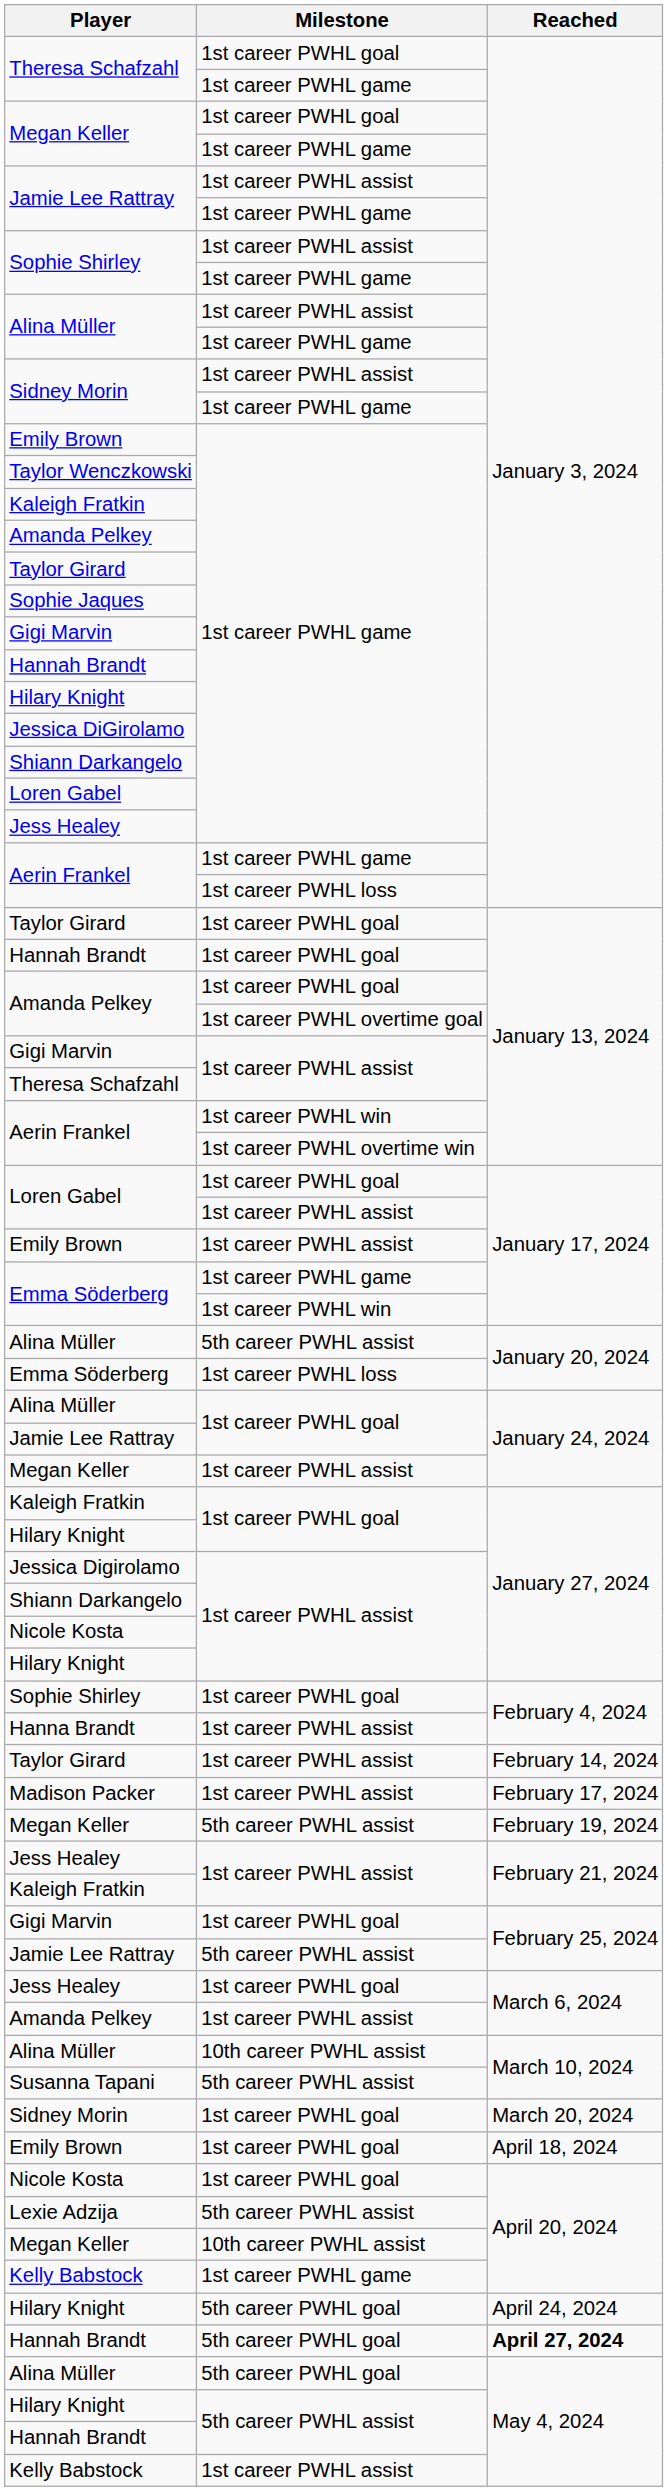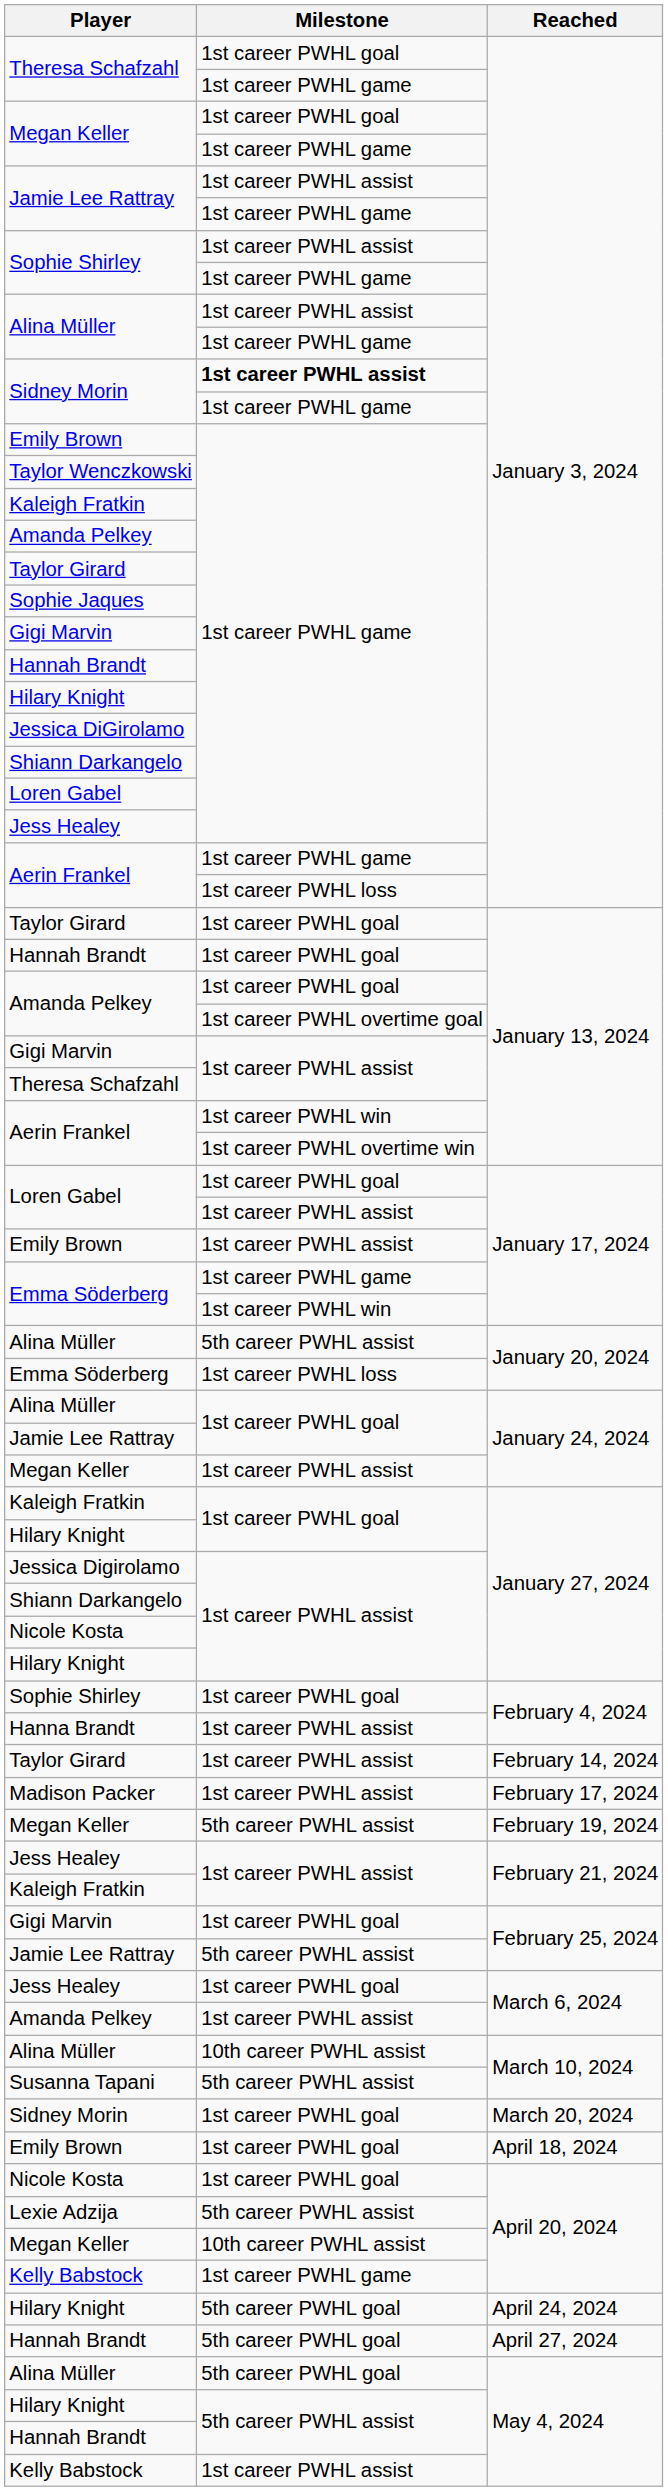 <table class="wikitable">
 <tr>
 <th>Player</th>
 <th>Milestone</th>
 <th>Reached</th>
 </tr>
 <tr>
 <td rowspan=2><a href='#'>Theresa Schafzahl</a></td>
 <td>1st career PWHL goal</td>
 <td rowspan=27>January 3, 2024</td>
 </tr>
 <tr>
 <td>1st career PWHL game</td>
 </tr>
 <tr>
 <td rowspan=2><a href='#'>Megan Keller</a></td>
 <td>1st career PWHL goal</td>
 </tr>
 <tr>
 <td>1st career PWHL game</td>
 </tr>
 <tr>
 <td rowspan=2><a href='#'>Jamie Lee Rattray</a></td>
 <td>1st career PWHL assist</td>
 </tr>
 <tr>
 <td>1st career PWHL game</td>
 </tr>
 <tr>
 <td rowspan=2><a href='#'>Sophie Shirley</a></td>
 <td>1st career PWHL assist</td>
 </tr>
 <tr>
 <td>1st career PWHL game</td>
 </tr>
 <tr>
 <td rowspan=2><a href='#'>Alina Müller</a></td>
 <td>1st career PWHL assist</td>
 </tr>
 <tr>
 <td>1st career PWHL game</td>
 </tr>
 <tr>
 <td rowspan=2><a href='#'>Sidney Morin</a></td>
-<td>1st career PWHL assist</td>
+<td><strong>1st career PWHL assist</strong></td>
 </tr>
 <tr>
 <td>1st career PWHL game</td>
 </tr>
 <tr>
 <td><a href='#'>Emily Brown</a></td>
 <td rowspan=13>1st career PWHL game</td>
 </tr>
 <tr>
 <td><a href='#'>Taylor Wenczkowski</a></td>
 </tr>
 <tr>
 <td><a href='#'>Kaleigh Fratkin</a></td>
 </tr>
 <tr>
 <td><a href='#'>Amanda Pelkey</a></td>
 </tr>
 <tr>
 <td><a href='#'>Taylor Girard</a></td>
 </tr>
 <tr>
 <td><a href='#'>Sophie Jaques</a></td>
 </tr>
 <tr>
 <td><a href='#'>Gigi Marvin</a></td>
 </tr>
 <tr>
 <td><a href='#'>Hannah Brandt</a></td>
 </tr>
 <tr>
 <td><a href='#'>Hilary Knight</a></td>
 </tr>
 <tr>
 <td><a href='#'>Jessica DiGirolamo</a></td>
 </tr>
 <tr>
 <td><a href='#'>Shiann Darkangelo</a></td>
 </tr>
 <tr>
 <td><a href='#'>Loren Gabel</a></td>
 </tr>
 <tr>
 <td><a href='#'>Jess Healey</a></td>
 </tr>
 <tr>
 <td rowspan=2><a href='#'>Aerin Frankel</a></td>
 <td>1st career PWHL game</td>
 </tr>
 <tr>
 <td>1st career PWHL loss</td>
 </tr>
 <tr>
 <td>Taylor Girard</td>
 <td>1st career PWHL goal</td>
 <td rowspan=8>January 13, 2024</td>
 </tr>
 <tr>
 <td>Hannah Brandt</td>
 <td>1st career PWHL goal</td>
 </tr>
 <tr>
 <td rowspan=2>Amanda Pelkey</td>
 <td>1st career PWHL goal</td>
 </tr>
 <tr>
 <td>1st career PWHL overtime goal</td>
 </tr>
 <tr>
 <td>Gigi Marvin</td>
 <td rowspan=2>1st career PWHL assist</td>
 </tr>
 <tr>
 <td>Theresa Schafzahl</td>
 </tr>
 <tr>
 <td rowspan=2>Aerin Frankel</td>
 <td>1st career PWHL win</td>
 </tr>
 <tr>
 <td>1st career PWHL overtime win</td>
 </tr>
 <tr>
 <td rowspan=2>Loren Gabel</td>
 <td>1st career PWHL goal</td>
 <td rowspan=5>January 17, 2024</td>
 </tr>
 <tr>
 <td>1st career PWHL assist</td>
 </tr>
 <tr>
 <td>Emily Brown</td>
 <td>1st career PWHL assist</td>
 </tr>
 <tr>
 <td rowspan=2><a href='#'>Emma Söderberg</a></td>
 <td>1st career PWHL game</td>
 </tr>
 <tr>
 <td>1st career PWHL win</td>
 </tr>
 <tr>
 <td>Alina Müller</td>
 <td>5th career PWHL assist</td>
 <td rowspan=2>January 20, 2024</td>
 </tr>
 <tr>
 <td>Emma Söderberg</td>
 <td>1st career PWHL loss</td>
 </tr>
 <tr>
 <td>Alina Müller</td>
 <td rowspan=2>1st career PWHL goal</td>
 <td rowspan=3>January 24, 2024</td>
 </tr>
 <tr>
 <td>Jamie Lee Rattray</td>
 </tr>
 <tr>
 <td>Megan Keller</td>
 <td>1st career PWHL assist</td>
 </tr>
 <tr>
 <td>Kaleigh Fratkin</td>
 <td rowspan=2>1st career PWHL goal</td>
 <td rowspan=6>January 27, 2024</td>
 </tr>
 <tr>
 <td>Hilary Knight</td>
 </tr>
 <tr>
 <td>Jessica Digirolamo</td>
 <td rowspan=4>1st career PWHL assist</td>
 </tr>
 <tr>
 <td>Shiann Darkangelo</td>
 </tr>
 <tr>
 <td>Nicole Kosta</td>
 </tr>
 <tr>
 <td>Hilary Knight</td>
 </tr>
 <tr>
 <td>Sophie Shirley</td>
 <td>1st career PWHL goal</td>
 <td rowspan=2>February 4, 2024</td>
 </tr>
 <tr>
 <td>Hanna Brandt</td>
 <td>1st career PWHL assist</td>
 </tr>
 <tr>
 <td>Taylor Girard</td>
 <td>1st career PWHL assist</td>
 <td>February 14, 2024</td>
 </tr>
 <tr>
 <td>Madison Packer</td>
 <td>1st career PWHL assist</td>
 <td>February 17, 2024</td>
 </tr>
 <tr>
 <td>Megan Keller</td>
 <td>5th career PWHL assist</td>
 <td>February 19, 2024</td>
 </tr>
 <tr>
 <td>Jess Healey</td>
 <td rowspan=2>1st career PWHL assist</td>
 <td rowspan="2">February 21, 2024</td>
 </tr>
 <tr>
 <td>Kaleigh Fratkin</td>
 </tr>
 <tr>
 <td>Gigi Marvin</td>
 <td>1st career PWHL goal</td>
 <td rowspan=2>February 25, 2024</td>
 </tr>
 <tr>
 <td>Jamie Lee Rattray</td>
 <td>5th career PWHL assist</td>
 </tr>
 <tr>
 <td>Jess Healey</td>
 <td>1st career PWHL goal</td>
 <td rowspan=2>March 6, 2024</td>
 </tr>
 <tr>
 <td>Amanda Pelkey</td>
 <td>1st career PWHL assist</td>
 </tr>
 <tr>
 <td>Alina Müller</td>
 <td>10th career PWHL assist</td>
 <td rowspan=2>March 10, 2024</td>
 </tr>
 <tr>
 <td>Susanna Tapani</td>
 <td>5th career PWHL assist</td>
 </tr>
 <tr>
 <td>Sidney Morin</td>
 <td>1st career PWHL goal</td>
 <td>March 20, 2024</td>
 </tr>
 <tr>
 <td>Emily Brown</td>
 <td>1st career PWHL goal</td>
 <td>April 18, 2024</td>
 </tr>
 <tr>
 <td>Nicole Kosta</td>
 <td>1st career PWHL goal</td>
 <td rowspan=4>April 20, 2024</td>
 </tr>
 <tr>
 <td>Lexie Adzija</td>
 <td>5th career PWHL assist</td>
 </tr>
 <tr>
 <td>Megan Keller</td>
 <td>10th career PWHL assist</td>
 </tr>
 <tr>
 <td><a href='#'>Kelly Babstock</a></td>
 <td>1st career PWHL game</td>
 </tr>
 <tr>
 <td>Hilary Knight</td>
 <td>5th career PWHL goal</td>
 <td>April 24, 2024</td>
 </tr>
 <tr>
 <td>Hannah Brandt</td>
 <td>5th career PWHL goal</td>
-<td><strong>April 27, 2024</strong></td>
+<td>April 27, 2024</td>
 </tr>
 <tr>
 <td>Alina Müller</td>
 <td>5th career PWHL goal</td>
 <td rowspan=4>May 4, 2024</td>
 </tr>
 <tr>
 <td>Hilary Knight</td>
 <td rowspan=2>5th career PWHL assist</td>
 </tr>
 <tr>
 <td>Hannah Brandt</td>
 </tr>
 <tr>
 <td>Kelly Babstock</td>
 <td>1st career PWHL assist</td>
 </tr>
 </table>
